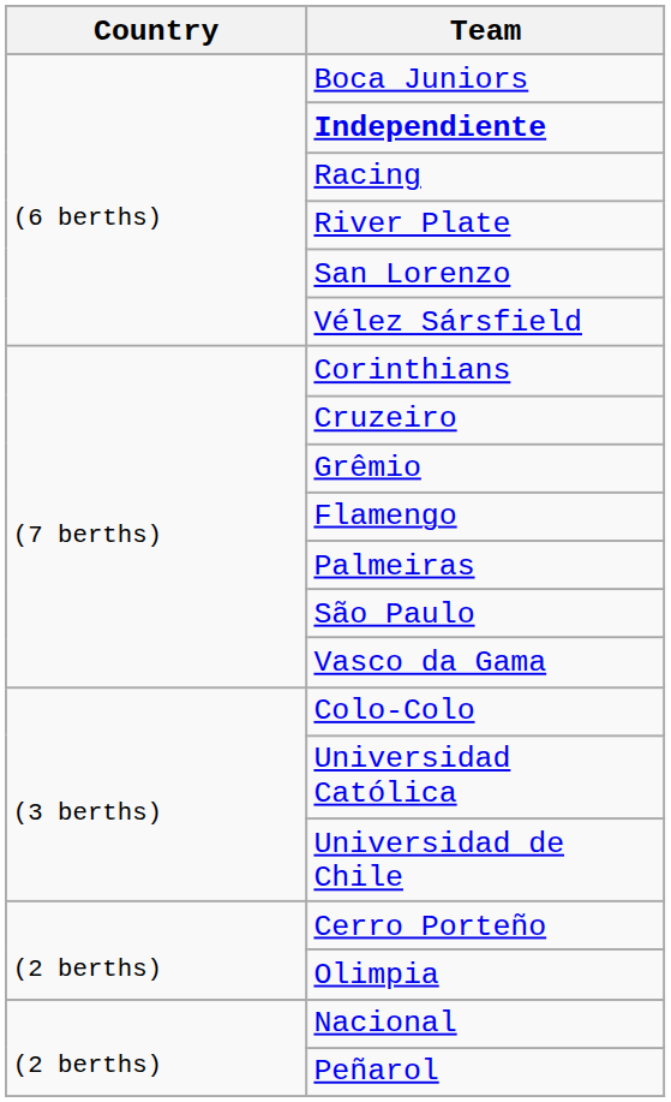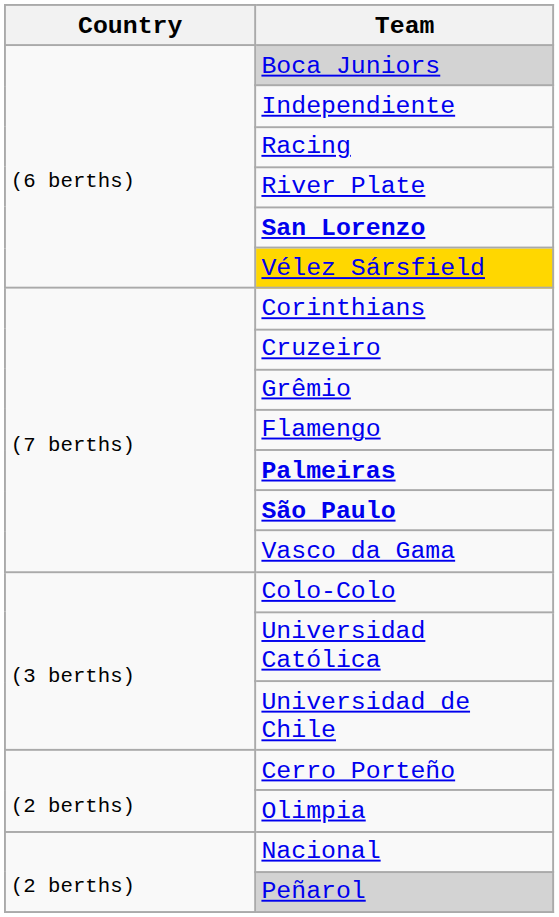 <table class="wikitable">
 <tr>
 <th width=125>Country</th>
 <th width=150>Team</th>
 </tr>
 <tr>
 <td rowspan="6"><br><small>(6 berths)</small></td>
-<td><a href='#'>Boca Juniors</a></td>
+<td style="background: lightgrey;"><a href='#'>Boca Juniors</a></td>
 </tr>
 <tr>
-<td><strong><a href='#'>Independiente</a></strong></td>
+<td><a href='#'>Independiente</a></td>
 </tr>
 <tr>
 <td><a href='#'>Racing</a></td>
 </tr>
 <tr>
 <td><a href='#'>River Plate</a></td>
 </tr>
 <tr>
-<td><a href='#'>San Lorenzo</a></td>
+<td><strong><a href='#'>San Lorenzo</a></strong></td>
 </tr>
 <tr>
-<td><a href='#'>Vélez Sársfield</a></td>
+<td style="background: gold;"><a href='#'>Vélez Sársfield</a></td>
 </tr>
 <tr>
 <td rowspan="7"><br><small>(7 berths)</small></td>
 <td><a href='#'>Corinthians</a></td>
 </tr>
 <tr>
 <td><a href='#'>Cruzeiro</a></td>
 </tr>
 <tr>
 <td><a href='#'>Grêmio</a></td>
 </tr>
 <tr>
 <td><a href='#'>Flamengo</a></td>
 </tr>
 <tr>
-<td><a href='#'>Palmeiras</a></td>
+<td><strong><a href='#'>Palmeiras</a></strong></td>
 </tr>
 <tr>
-<td><a href='#'>São Paulo</a></td>
+<td><strong><a href='#'>São Paulo</a></strong></td>
 </tr>
 <tr>
 <td><a href='#'>Vasco da Gama</a></td>
 </tr>
 <tr>
 <td rowspan="3"><br><small>(3 berths)</small></td>
 <td><a href='#'>Colo-Colo</a></td>
 </tr>
 <tr>
 <td><a href='#'>Universidad Católica</a></td>
 </tr>
 <tr>
 <td><a href='#'>Universidad de Chile</a></td>
 </tr>
 <tr>
 <td rowspan="2"><br><small>(2 berths)</small></td>
 <td><a href='#'>Cerro Porteño</a></td>
 </tr>
 <tr>
 <td><a href='#'>Olimpia</a></td>
 </tr>
 <tr>
 <td rowspan="2"><br><small>(2 berths)</small></td>
 <td><a href='#'>Nacional</a></td>
 </tr>
 <tr>
-<td><a href='#'>Peñarol</a></td>
+<td style="background: lightgrey;"><a href='#'>Peñarol</a></td>
 </tr>
 <tr>
 </tr>
 </table>
